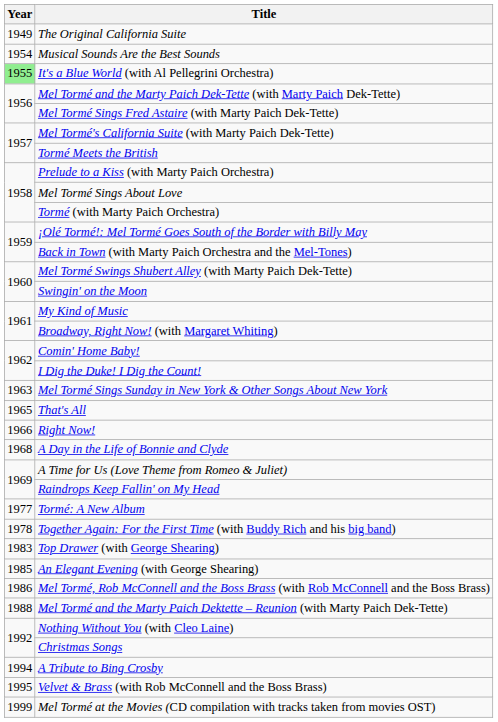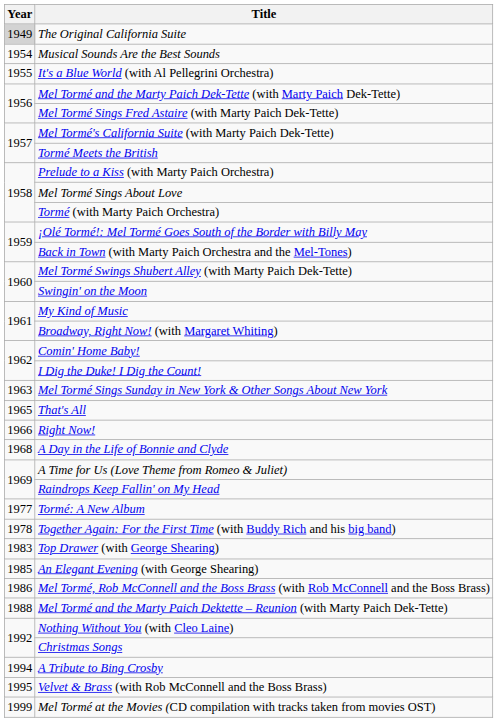 <table class="wikitable">
 <tr>
 <th rowspan="1">Year</th>
 <th rowspan="1">Title</th>
 </tr>
 <tr>
-<td>1949</td>
+<td style="background: lightgrey;">1949</td>
 <td><em>The Original California Suite</em></td>
 </tr>
 <tr>
 <td rowspan="1">1954</td>
 <td><em>Musical Sounds Are the Best Sounds</em></td>
 </tr>
 <tr>
-<td rowspan="1" style="background: lightgreen;">1955</td>
+<td rowspan="1">1955</td>
 <td><em><a href='#'>It's a Blue World</a></em> (with Al Pellegrini Orchestra)</td>
 </tr>
 <tr>
 <td rowspan="2">1956</td>
 <td><em><a href='#'>Mel Tormé and the Marty Paich Dek-Tette</a></em> (with <a href='#'>Marty Paich</a>  Dek-Tette)</td>
 </tr>
 <tr>
 <td><em><a href='#'>Mel Tormé Sings Fred Astaire</a></em> (with Marty Paich Dek-Tette)</td>
 </tr>
 <tr>
 <td rowspan="2">1957</td>
 <td><em><a href='#'>Mel Tormé's California Suite</a></em> (with Marty Paich Dek-Tette)</td>
 </tr>
 <tr>
 <td><em><a href='#'>Tormé Meets the British</a></em></td>
 </tr>
 <tr>
 <td rowspan="3">1958</td>
 <td><em><a href='#'>Prelude to a Kiss</a></em> (with Marty Paich Orchestra)</td>
 </tr>
 <tr>
 <td><em>Mel Tormé Sings About Love</em></td>
 </tr>
 <tr>
 <td><em><a href='#'>Tormé</a></em> (with Marty Paich Orchestra)</td>
 </tr>
 <tr>
 <td rowspan="2">1959</td>
 <td><em><a href='#'>¡Olé Tormé!: Mel Tormé Goes South of the Border with Billy May</a></em></td>
 </tr>
 <tr>
 <td><em><a href='#'>Back in Town</a></em> (with Marty Paich Orchestra and the <a href='#'>Mel-Tones</a>)</td>
 </tr>
 <tr>
 <td rowspan="2">1960</td>
 <td><em><a href='#'>Mel Tormé Swings Shubert Alley</a></em> (with Marty Paich Dek-Tette)</td>
 </tr>
 <tr>
 <td><em><a href='#'>Swingin' on the Moon</a></em></td>
 </tr>
 <tr>
 <td rowspan="2">1961</td>
 <td><em><a href='#'>My Kind of Music</a></em></td>
 </tr>
 <tr>
 <td><em><a href='#'>Broadway, Right Now!</a></em> (with <a href='#'>Margaret Whiting</a>)</td>
 </tr>
 <tr>
 <td rowspan="2">1962</td>
 <td><em><a href='#'>Comin' Home Baby!</a></em></td>
 </tr>
 <tr>
 <td><em><a href='#'>I Dig the Duke! I Dig the Count!</a></em></td>
 </tr>
 <tr>
 <td rowspan="1">1963</td>
 <td><em><a href='#'>Mel Tormé Sings Sunday in New York & Other Songs About New York</a></em></td>
 </tr>
 <tr>
 <td rowspan="1">1965</td>
 <td><em><a href='#'>That's All</a></em></td>
 </tr>
 <tr>
 <td rowspan="1">1966</td>
 <td><em><a href='#'>Right Now!</a></em></td>
 </tr>
 <tr>
 <td rowspan="1">1968</td>
 <td><em><a href='#'>A Day in the Life of Bonnie and Clyde</a></em></td>
 </tr>
 <tr>
 <td rowspan="2">1969</td>
 <td><em>A Time for Us (Love Theme from Romeo & Juliet)</em></td>
 </tr>
 <tr>
 <td><em><a href='#'>Raindrops Keep Fallin' on My Head</a></em></td>
 </tr>
 <tr>
 <td rowspan="1">1977</td>
 <td><em><a href='#'>Tormé: A New Album</a></em></td>
 </tr>
 <tr>
 <td rowspan="1">1978</td>
 <td><em><a href='#'>Together Again: For the First Time</a></em> (with <a href='#'>Buddy Rich</a> and his <a href='#'>big band</a>)</td>
 </tr>
 <tr>
 <td rowspan="1">1983</td>
 <td><em><a href='#'>Top Drawer</a></em> (with <a href='#'>George Shearing</a>)</td>
 </tr>
 <tr>
 <td rowspan="1">1985</td>
 <td><em><a href='#'>An Elegant Evening</a></em> (with George Shearing)</td>
 </tr>
 <tr>
 <td rowspan="1">1986</td>
 <td><em><a href='#'>Mel Tormé, Rob McConnell and the Boss Brass</a></em> (with <a href='#'>Rob McConnell</a> and the Boss Brass)</td>
 </tr>
 <tr>
 <td rowspan="1">1988</td>
 <td><em><a href='#'>Mel Tormé and the Marty Paich Dektette – Reunion</a></em> (with Marty Paich Dek-Tette)</td>
 </tr>
 <tr>
 <td rowspan="2">1992</td>
 <td><em><a href='#'>Nothing Without You</a></em> (with <a href='#'>Cleo Laine</a>)</td>
 </tr>
 <tr>
 <td><em><a href='#'>Christmas Songs</a></em></td>
 </tr>
 <tr>
 <td rowspan="1">1994</td>
 <td><em><a href='#'>A Tribute to Bing Crosby</a></em></td>
 </tr>
 <tr>
 <td rowspan="1">1995</td>
 <td><em><a href='#'>Velvet & Brass</a></em> (with Rob McConnell and the Boss Brass)</td>
 </tr>
 <tr>
 <td rowspan="1">1999</td>
 <td><em>Mel Tormé at the Movies (</em>CD compilation with tracks taken from movies OST)</td>
 </tr>
 </table>
